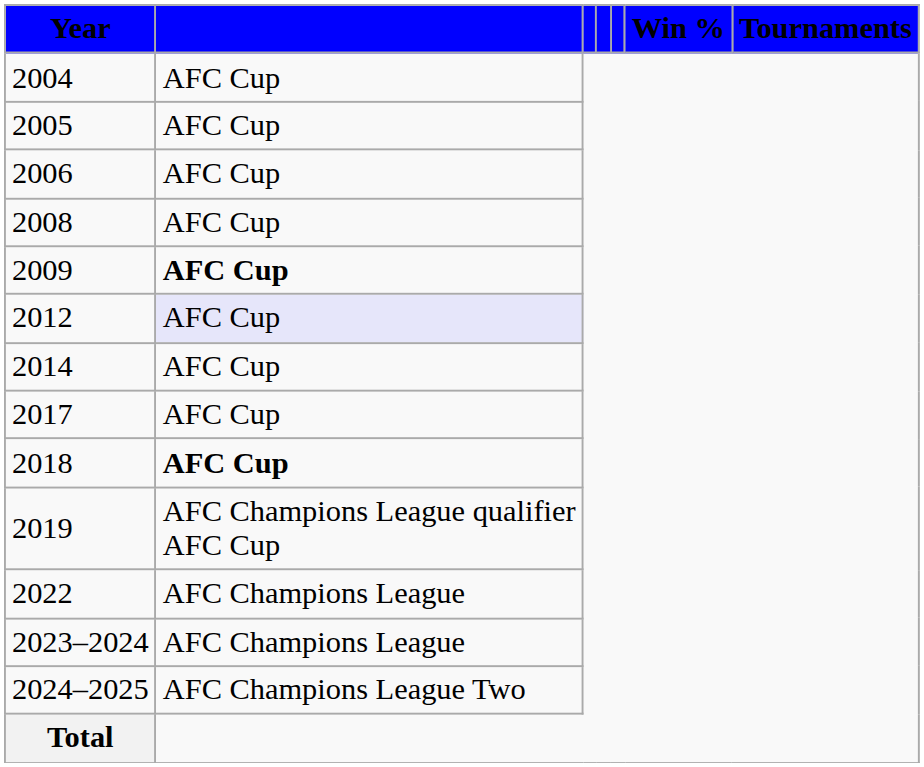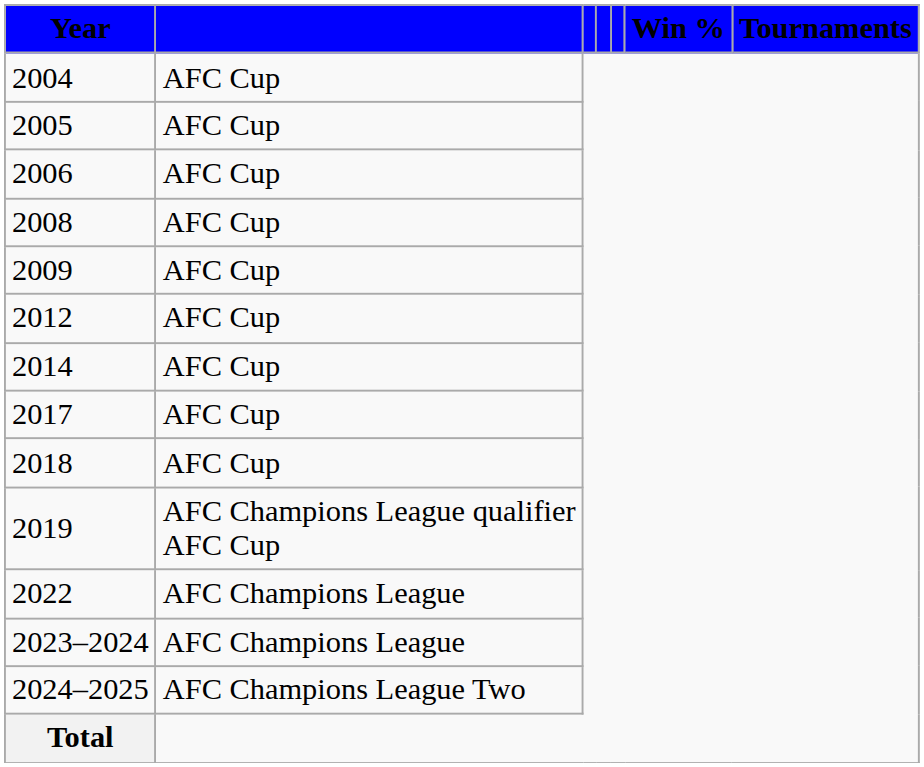 <table class="wikitable sortable plainrowheaders" style="text-align:left;">
 <tr>
 <th style="background-color:blue;"><span> Year</span></th>
 <th style="background-color:blue;"><span> </span></th>
 <th style="background-color:blue;"><span> </span></th>
 <th style="background-color:blue;"><span> </span></th>
 <th style="background-color:blue;"><span> </span></th>
 <th style="background-color:blue;"><span> Win %</span></th>
 <th style="background-color:blue;"><span> Tournaments</span></th>
 </tr>
 <tr>
 <td>2004<br></td>
 <td>AFC Cup</td>
 </tr>
 <tr>
 <td>2005<br></td>
 <td>AFC Cup</td>
 </tr>
 <tr>
 <td>2006<br></td>
 <td>AFC Cup</td>
 </tr>
 <tr>
 <td>2008<br></td>
 <td>AFC Cup</td>
 </tr>
 <tr>
 <td>2009<br></td>
-<td><strong>AFC Cup</strong></td>
+<td>AFC Cup</td>
 </tr>
 <tr>
 <td>2012<br></td>
-<td style="background: lavender;">AFC Cup</td>
+<td>AFC Cup</td>
 </tr>
 <tr>
 <td>2014<br></td>
 <td>AFC Cup</td>
 </tr>
 <tr>
 <td>2017<br></td>
 <td>AFC Cup</td>
 </tr>
 <tr>
 <td>2018<br></td>
-<td><strong>AFC Cup</strong></td>
+<td>AFC Cup</td>
 </tr>
 <tr>
 <td>2019<br></td>
 <td>AFC Champions League qualifier <br> AFC Cup</td>
 </tr>
 <tr>
 <td>2022<br></td>
 <td>AFC Champions League</td>
 </tr>
 <tr>
 <td>2023–2024<br></td>
 <td>AFC Champions League</td>
 </tr>
 <tr>
 <td>2024–2025<br></td>
 <td>AFC Champions League Two</td>
 </tr>
 <tr>
 <th>Total<br></th>
 </tr>
 </table>
